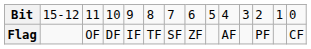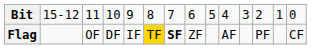 <table class="wikitable">
 <tr>
 <th>Bit</th>
 <td>15-12</td>
 <td>11</td>
 <td>10</td>
 <td>9</td>
 <td>8</td>
 <td>7</td>
 <td>6</td>
 <td>5</td>
 <td>4</td>
 <td>3</td>
 <td>2</td>
 <td>1</td>
 <td>0</td>
 </tr>
 <tr>
 <th>Flag</th>
 <td> </td>
 <td>OF</td>
 <td>DF</td>
 <td>IF</td>
-<td>TF</td>
-<td>SF</td>
+<td style="background: gold;">TF</td>
+<td><strong>SF</strong></td>
 <td>ZF</td>
 <td> </td>
 <td>AF</td>
 <td> </td>
 <td>PF</td>
 <td> </td>
 <td>CF</td>
 </tr>
 </table>
